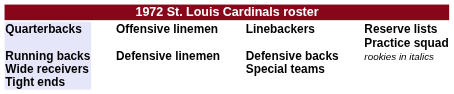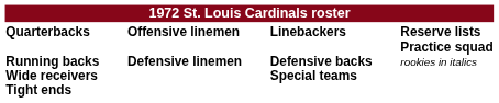 <table class="toccolours" style="text-align: left;">
 <tr>
 <th colspan="9" style="background-color: #870619; color: white; text-align: center;"><strong>1972 St. Louis Cardinals roster</strong></th>
 </tr>
 <tr>
-<td style="background: lavender; font-size: 95%;" valign="top"><strong>Quarterbacks</strong><br>  <br><strong>Running backs</strong>       <br><strong>Wide receivers</strong>     <br><strong>Tight ends</strong>   </td>
+<td style="font-size: 95%;" valign="top"><strong>Quarterbacks</strong><br>  <br><strong>Running backs</strong>       <br><strong>Wide receivers</strong>     <br><strong>Tight ends</strong>   </td>
 <td style="width: 25px;"></td>
 <td style="font-size: 95%;" valign="top"><strong>Offensive linemen</strong><br>        <br><strong>Defensive linemen</strong>      </td>
 <td style="width: 25px;"></td>
 <td style="font-size: 95%;" valign="top"><strong>Linebackers</strong><br>      <br><strong>Defensive backs</strong>       <br><strong>Special teams</strong> </td>
 <td style="width: 25px;"></td>
 <td style="font-size: 95%;" valign="top"><strong>Reserve lists</strong><br><strong>Practice squad</strong><br><small><em>rookies in italics</em></small><br></td>
 </tr>
 <tr>
 </tr>
 </table>
